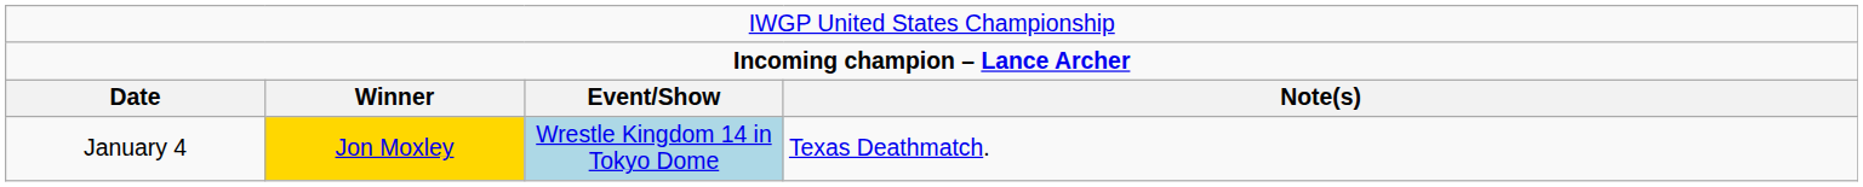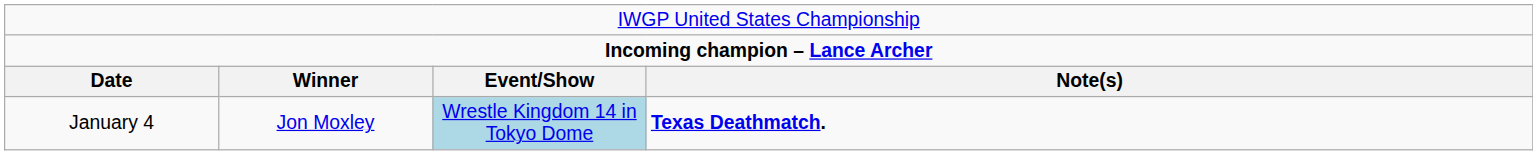 <table class="wikitable" style="text-align:center; width:100%;">
 <tr>
 <td colspan="4" style="text-align: center;"><a href='#'>IWGP United States Championship</a></td>
 </tr>
 <tr>
 <td colspan="4" style="text-align: center;"><strong>Incoming champion – <a href='#'>Lance Archer</a></strong></td>
 </tr>
 <tr>
 <th width=14%>Date</th>
 <th width=14%>Winner</th>
 <th width=14%>Event/Show</th>
 <th width=58%>Note(s)</th>
 </tr>
 <tr>
 <td>January 4</td>
-<td style="background: gold;"><a href='#'>Jon Moxley</a></td>
+<td><a href='#'>Jon Moxley</a></td>
 <td style="background: lightblue;"><a href='#'>Wrestle Kingdom 14 in Tokyo Dome</a><br></td>
-<td style="text-align: left;"><a href='#'>Texas Deathmatch</a>.</td>
+<td style="text-align: left;"><strong><a href='#'>Texas Deathmatch</a>.</strong></td>
 </tr>
 </table>
